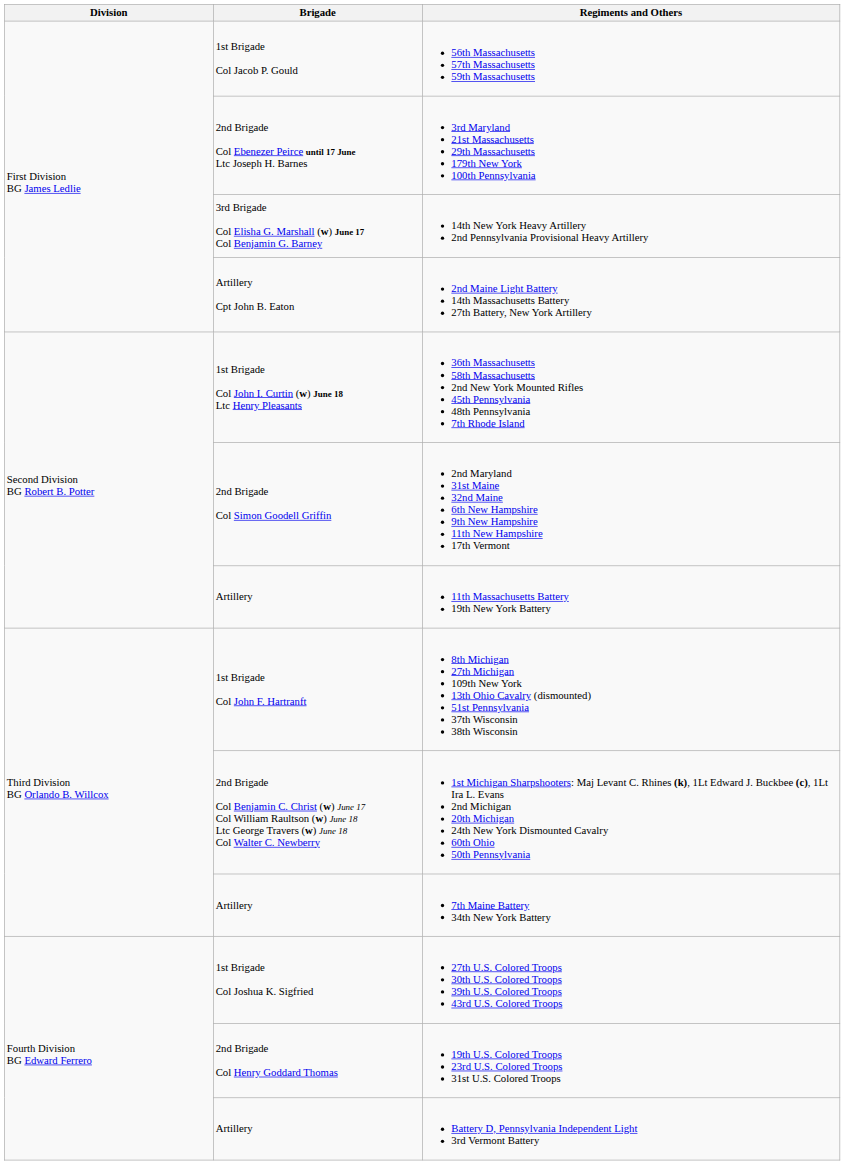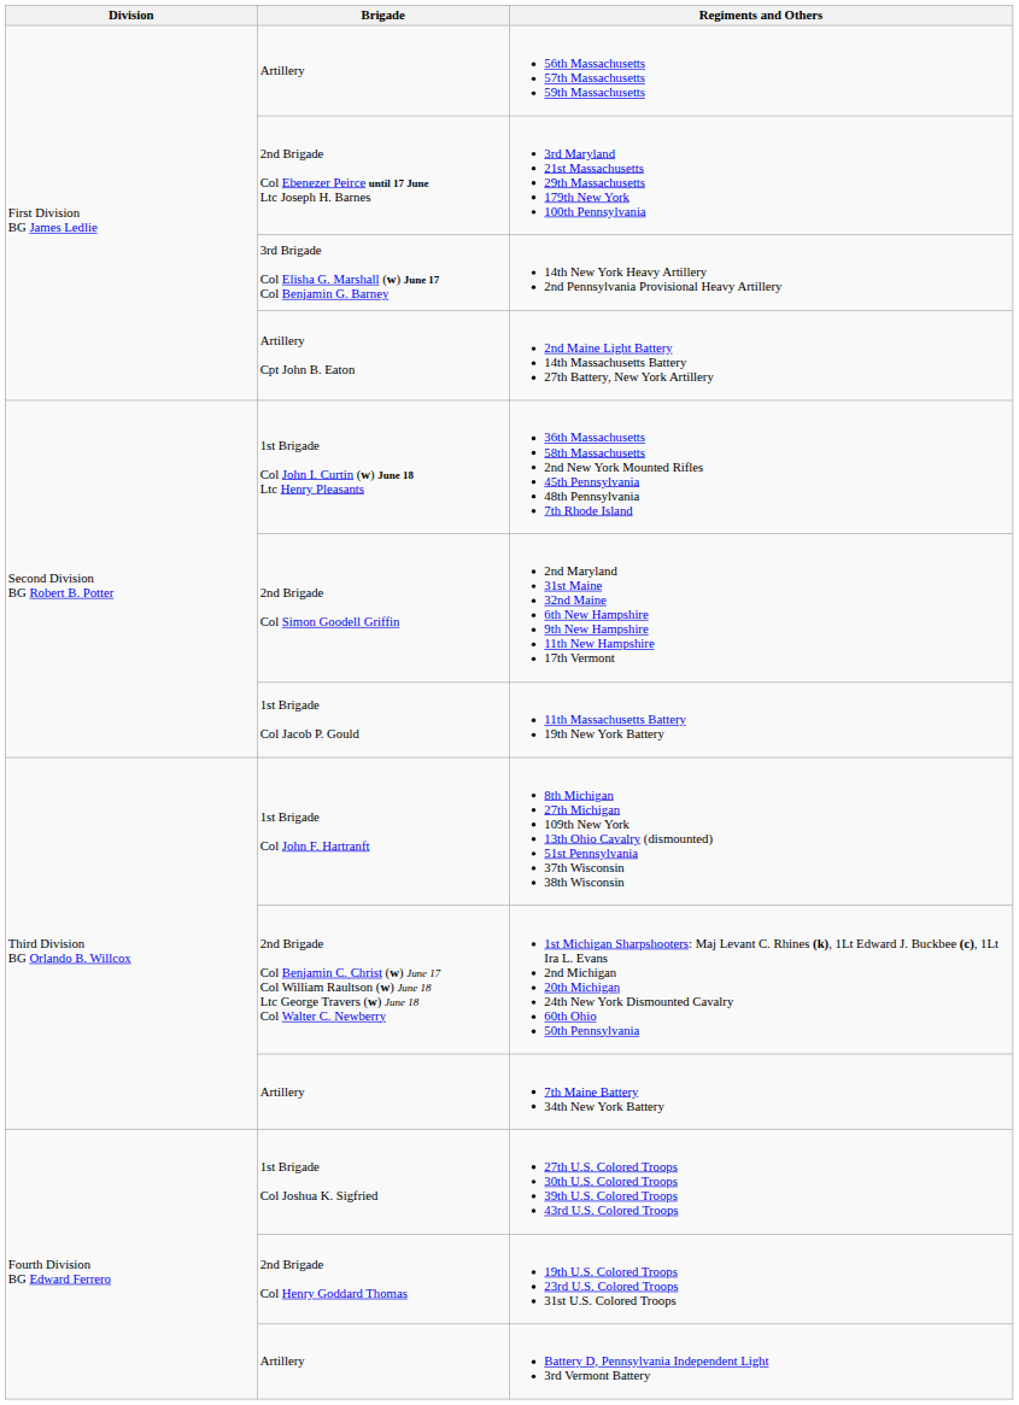 <table class="wikitable">
 <tr>
 <th width=25%>Division</th>
 <th width=25%>Brigade</th>
 <th>Regiments and Others</th>
 </tr>
 <tr>
 <td rowspan=4><br>First Division <br> BG <a href='#'>James Ledlie</a></td>
-<td>1st Brigade<br><br> Col Jacob P. Gould</td>
+<td>Artillery</td>
 <td><br><ul><li><a href='#'>56th Massachusetts</a></li><li><a href='#'>57th Massachusetts</a></li><li><a href='#'>59th Massachusetts</a></li></ul></td>
 </tr>
 <tr>
 <td>2nd Brigade<br><br> Col <a href='#'>Ebenezer Peirce</a> <small><strong>until 17 June</strong></small><br> Ltc Joseph H. Barnes</td>
 <td><br><ul><li><a href='#'>3rd Maryland</a></li><li><a href='#'>21st Massachusetts</a></li><li><a href='#'>29th Massachusetts</a></li><li><a href='#'>179th New York</a></li><li><a href='#'>100th Pennsylvania</a></li></ul></td>
 </tr>
 <tr>
 <td>3rd Brigade<br><br> Col <a href='#'>Elisha G. Marshall</a> (<strong>w</strong>) <small><strong>June 17</strong></small><br>Col <a href='#'>Benjamin G. Barney</a></td>
 <td><br><ul><li>14th New York Heavy Artillery</li><li>2nd Pennsylvania Provisional Heavy Artillery</li></ul></td>
 </tr>
 <tr>
 <td>Artillery<br><br> Cpt John B. Eaton</td>
 <td><br><ul><li><a href='#'>2nd Maine Light Battery</a></li><li>14th Massachusetts Battery</li><li>27th Battery, New York Artillery</li></ul></td>
 </tr>
 <tr>
 <td rowspan=3><br>Second Division <br> BG <a href='#'>Robert B. Potter</a></td>
 <td>1st Brigade<br><br> Col <a href='#'>John I. Curtin</a> (<strong>w</strong>) <small><strong>June 18</strong></small><br>Ltc <a href='#'>Henry Pleasants</a></td>
 <td><br><ul><li><a href='#'>36th Massachusetts</a></li><li><a href='#'>58th Massachusetts</a></li><li>2nd New York Mounted Rifles</li><li><a href='#'>45th Pennsylvania</a></li><li>48th Pennsylvania</li><li><a href='#'>7th Rhode Island</a></li></ul></td>
 </tr>
 <tr>
 <td>2nd Brigade<br><br> Col <a href='#'>Simon Goodell Griffin</a></td>
 <td><br><ul><li>2nd Maryland</li><li><a href='#'>31st Maine</a></li><li><a href='#'>32nd Maine</a></li><li><a href='#'>6th New Hampshire</a></li><li><a href='#'>9th New Hampshire</a></li><li><a href='#'>11th New Hampshire</a></li><li>17th Vermont</li></ul></td>
 </tr>
 <tr>
-<td>Artillery</td>
+<td>1st Brigade<br><br> Col Jacob P. Gould</td>
 <td><br><ul><li><a href='#'>11th Massachusetts Battery</a></li><li>19th New York Battery</li></ul></td>
 </tr>
 <tr>
 <td rowspan=3><br>Third Division <br> BG <a href='#'>Orlando B. Willcox</a></td>
 <td>1st Brigade<br><br> Col <a href='#'>John F. Hartranft</a></td>
 <td><br><ul><li><a href='#'>8th Michigan</a></li><li><a href='#'>27th Michigan</a></li><li>109th New York</li><li><a href='#'>13th Ohio Cavalry</a> (dismounted)</li><li><a href='#'>51st Pennsylvania</a></li><li>37th Wisconsin</li><li>38th Wisconsin</li></ul></td>
 </tr>
 <tr>
 <td>2nd Brigade<br><br> Col <a href='#'>Benjamin C. Christ</a> (<strong>w</strong>) <small><em>June 17</em></small><br>Col William Raultson (<strong>w</strong>) <small><em>June 18</em></small><br>Ltc George Travers (<strong>w</strong>) <small><em>June 18</em></small><br>Col <a href='#'>Walter C. Newberry</a></td>
 <td><br><ul><li><a href='#'>1st Michigan Sharpshooters</a>: Maj Levant C. Rhines <strong>(k)</strong>, 1Lt Edward J. Buckbee <strong>(c)</strong>, 1Lt Ira L. Evans</li><li>2nd Michigan</li><li><a href='#'>20th Michigan</a></li><li>24th New York Dismounted Cavalry</li><li><a href='#'>60th Ohio</a></li><li><a href='#'>50th Pennsylvania</a></li></ul></td>
 </tr>
 <tr>
 <td>Artillery</td>
 <td><br><ul><li><a href='#'>7th Maine Battery</a></li><li>34th New York Battery</li></ul></td>
 </tr>
 <tr>
 <td rowspan=3><br>Fourth Division <br> BG <a href='#'>Edward Ferrero</a></td>
 <td>1st Brigade<br><br> Col Joshua K. Sigfried</td>
 <td><br><ul><li><a href='#'>27th U.S. Colored Troops</a></li><li><a href='#'>30th U.S. Colored Troops</a></li><li><a href='#'>39th U.S. Colored Troops</a></li><li><a href='#'>43rd U.S. Colored Troops</a></li></ul></td>
 </tr>
 <tr>
 <td>2nd Brigade<br><br> Col <a href='#'>Henry Goddard Thomas</a></td>
 <td><br><ul><li><a href='#'>19th U.S. Colored Troops</a></li><li><a href='#'>23rd U.S. Colored Troops</a></li><li>31st U.S. Colored Troops</li></ul></td>
 </tr>
 <tr>
 <td>Artillery</td>
 <td><br><ul><li><a href='#'>Battery D, Pennsylvania Independent Light</a></li><li>3rd Vermont Battery</li></ul></td>
 </tr>
 </table>
